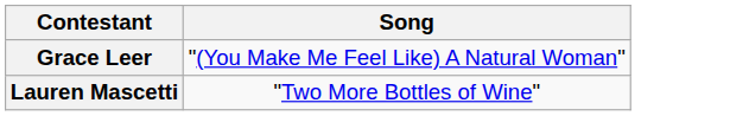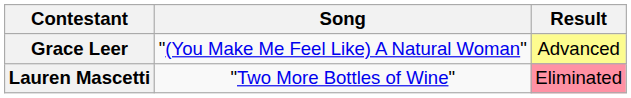 <table class="wikitable unsortable" style="text-align:center">
 <tr>
 <th scope="col">Contestant</th>
 <th scope="col">Song</th>
+<th scope="col">Result</th>
 </tr>
 <tr>
 <th scope="row">Grace Leer</th>
 <td>"<a href='#'>(You Make Me Feel Like) A Natural Woman</a>"</td>
+<td style="background:#FDFC8F;">Advanced</td>
 </tr>
 <tr>
 <th scope="row">Lauren Mascetti</th>
 <td>"<a href='#'>Two More Bottles of Wine</a>"</td>
+<td style="background:#FF91A4;">Eliminated</td>
 </tr>
 </table>
